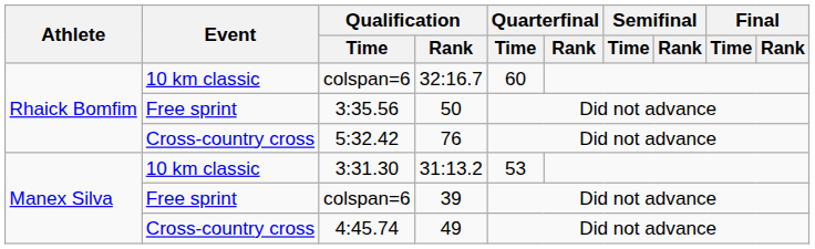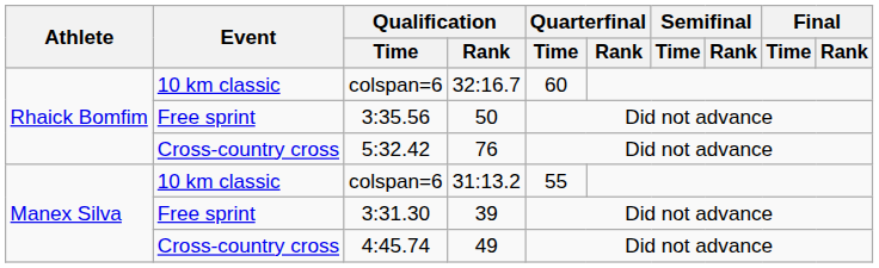 <table class="wikitable" style="font-size:90%">
 <tr>
 <th rowspan="2">Athlete</th>
 <th rowspan="2">Event</th>
 <th colspan="2">Qualification</th>
 <th colspan="2">Quarterfinal</th>
 <th colspan="2">Semifinal</th>
 <th colspan="2">Final</th>
 </tr>
 <tr style="font-size:95%">
 <th>Time</th>
 <th>Rank</th>
 <th>Time</th>
 <th>Rank</th>
 <th>Time</th>
 <th>Rank</th>
 <th>Time</th>
 <th>Rank</th>
 </tr>
 <tr align=center>
 <td align=left rowspan=3><a href='#'>Rhaick Bomfim</a></td>
 <td align=left><a href='#'>10 km classic</a></td>
 <td>colspan=6 </td>
 <td>32:16.7</td>
 <td>60</td>
 </tr>
 <tr align=center>
 <td align=left><a href='#'>Free sprint</a></td>
 <td>3:35.56</td>
 <td>50</td>
 <td colspan="6">Did not advance</td>
 </tr>
 <tr align=center>
 <td align=left><a href='#'>Cross-country cross</a></td>
 <td>5:32.42</td>
 <td>76</td>
 <td colspan="6">Did not advance</td>
 </tr>
 <tr align=center>
 <td align=left rowspan=3><a href='#'>Manex Silva</a></td>
 <td align=left><a href='#'>10 km classic</a></td>
-<td>3:31.30</td>
+<td>colspan=6 </td>
 <td>31:13.2</td>
-<td>53</td>
+<td>55</td>
 </tr>
 <tr align=center>
 <td align=left><a href='#'>Free sprint</a></td>
-<td>colspan=6 </td>
+<td>3:31.30</td>
 <td>39</td>
 <td colspan="6">Did not advance</td>
 </tr>
 <tr align=center>
 <td align=left><a href='#'>Cross-country cross</a></td>
 <td>4:45.74</td>
 <td>49</td>
 <td colspan="6">Did not advance</td>
 </tr>
 </table>
